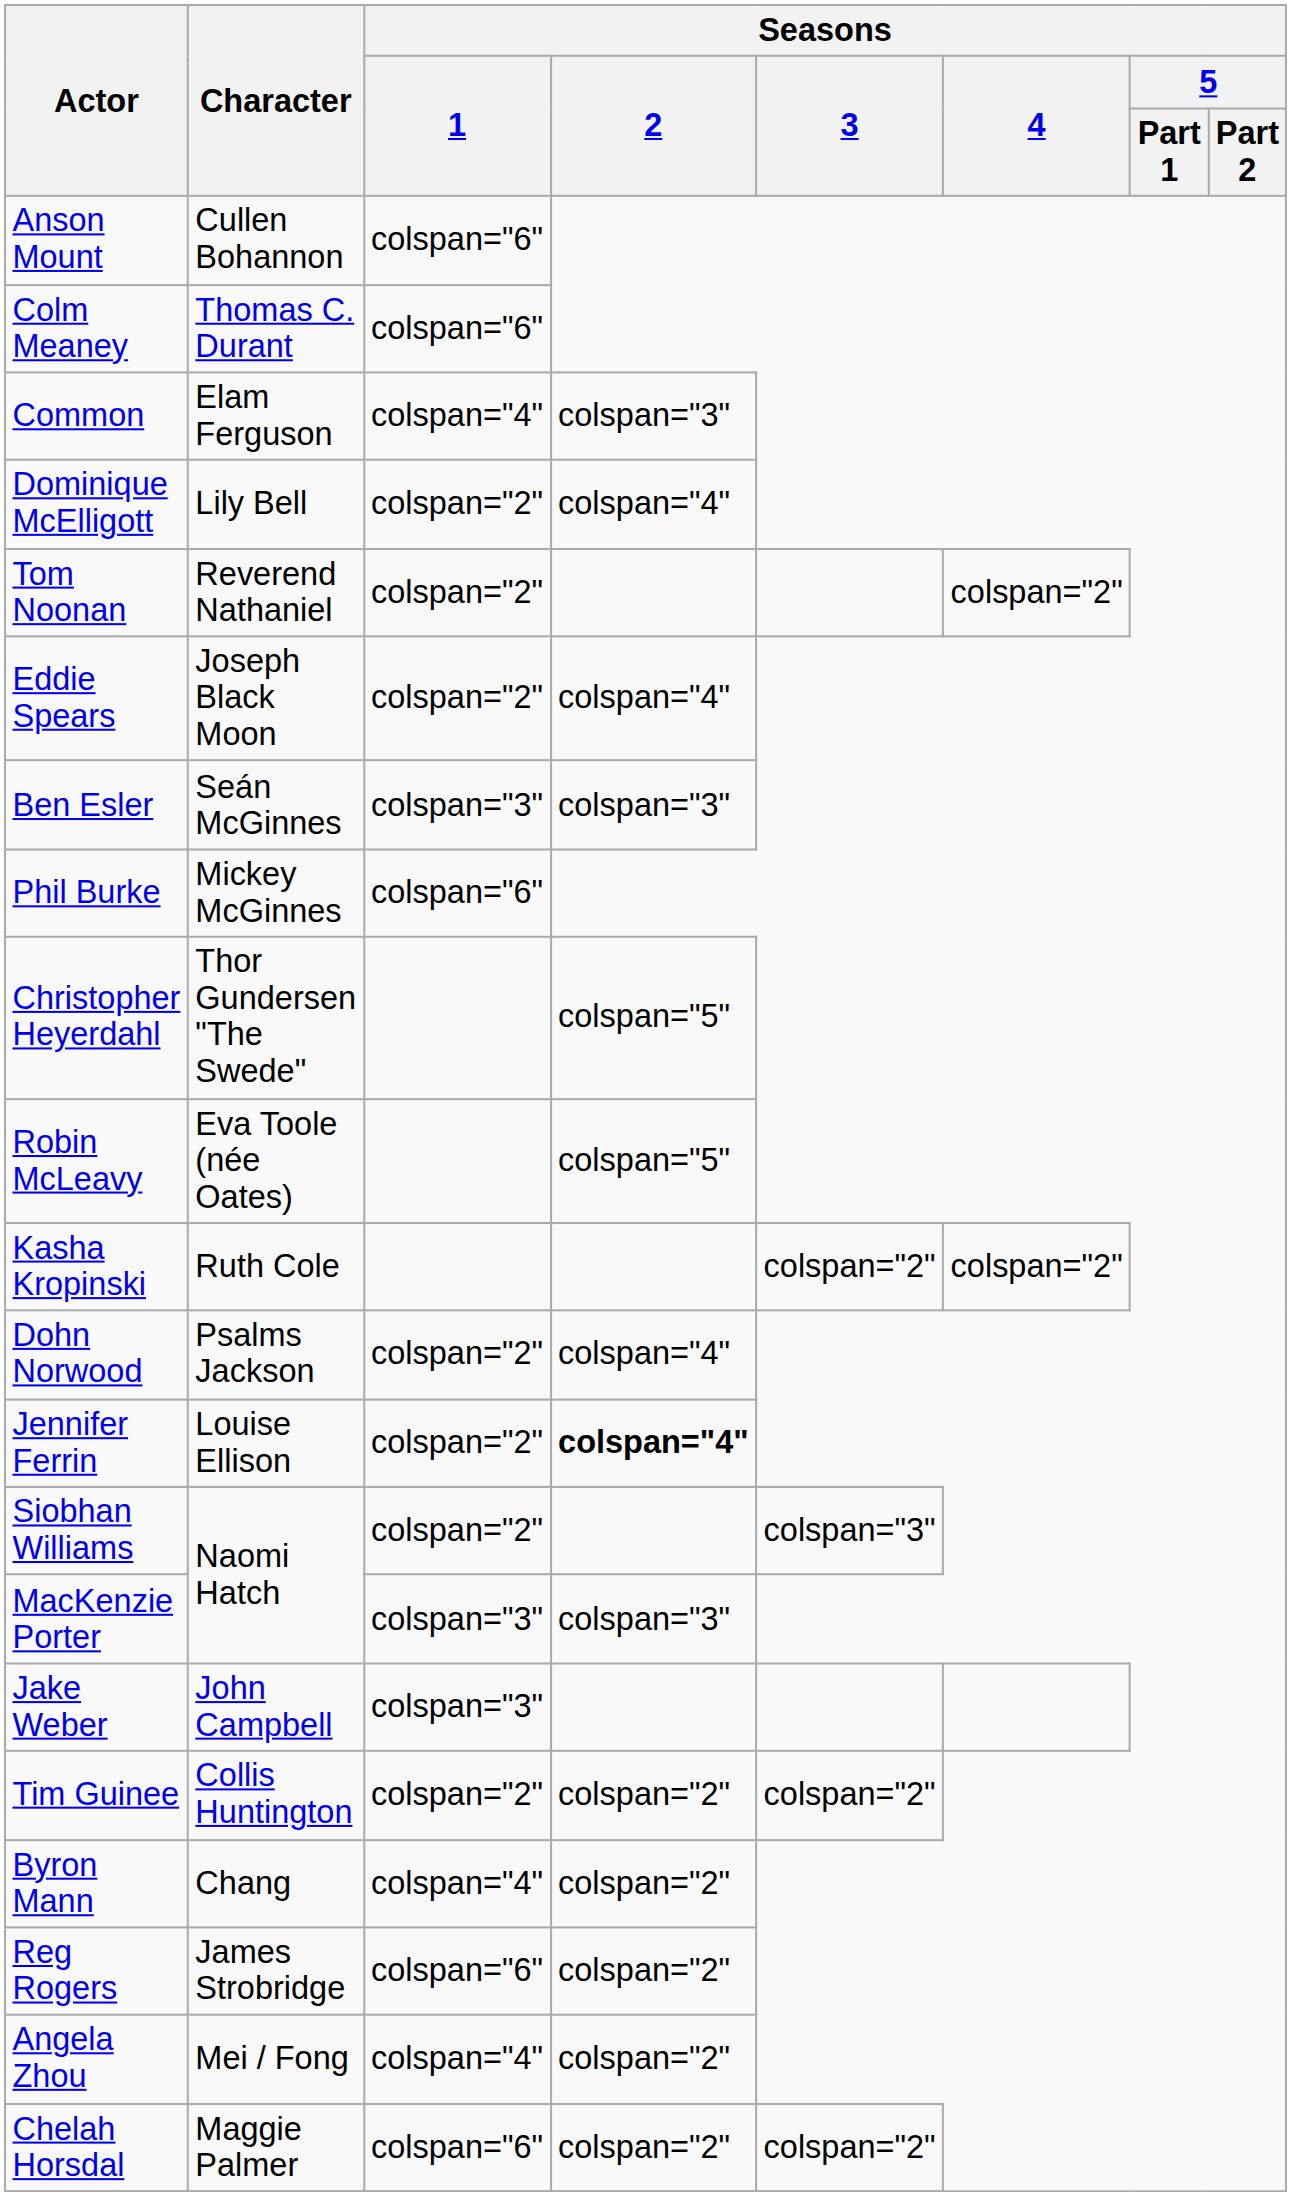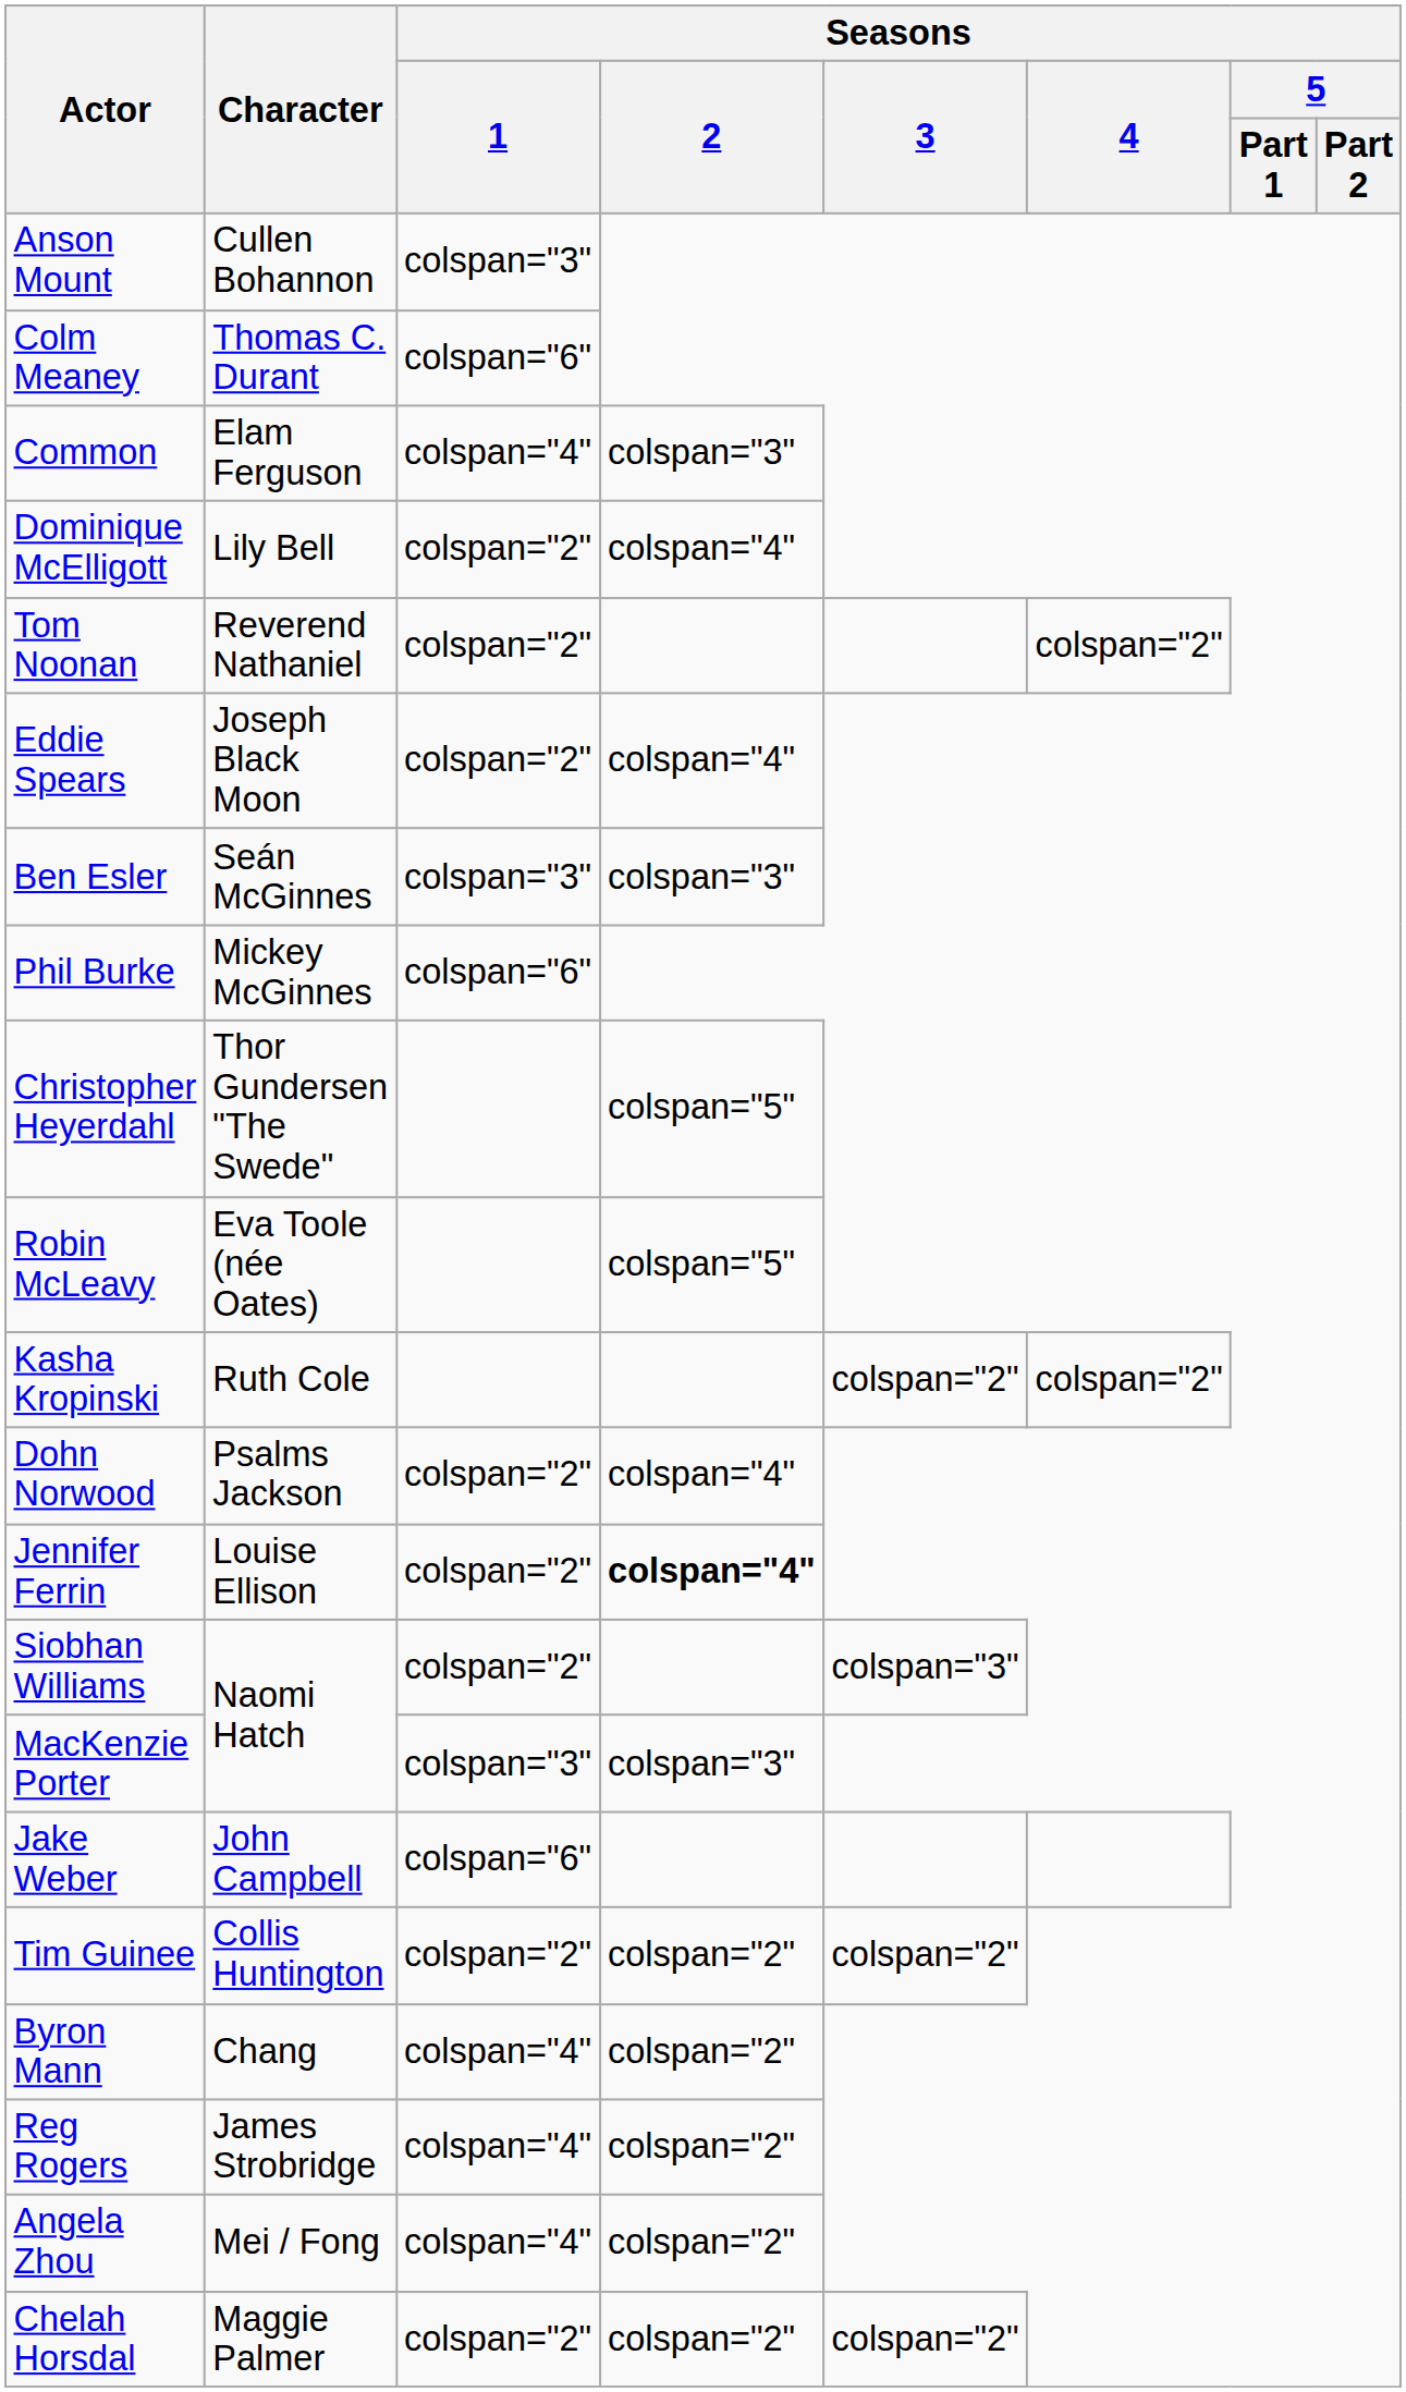 <table class="wikitable">
 <tr>
 <th rowspan="3">Actor</th>
 <th rowspan="3">Character</th>
 <th colspan="6">Seasons</th>
 </tr>
 <tr>
 <th rowspan="2" style="width:80px;"><a href='#'>1</a></th>
 <th rowspan="2" style="width:80px;"><a href='#'>2</a></th>
 <th rowspan="2" style="width:80px;"><a href='#'>3</a></th>
 <th rowspan="2" style="width:80px;"><a href='#'>4</a></th>
 <th colspan="2" style="width:160px;"><a href='#'>5</a></th>
 </tr>
 <tr>
 <th style="width:80px;">Part 1</th>
 <th style="width:80px;">Part 2</th>
 </tr>
 <tr>
 <td><a href='#'>Anson Mount</a></td>
 <td>Cullen Bohannon</td>
-<td>colspan="6" </td>
+<td>colspan="3" </td>
 </tr>
 <tr>
 <td><a href='#'>Colm Meaney</a></td>
 <td><a href='#'>Thomas C. Durant</a></td>
 <td>colspan="6" </td>
 </tr>
 <tr>
 <td><a href='#'>Common</a></td>
 <td>Elam Ferguson</td>
 <td>colspan="4" </td>
 <td>colspan="3" </td>
 </tr>
 <tr>
 <td><a href='#'>Dominique McElligott</a></td>
 <td>Lily Bell</td>
 <td>colspan="2" </td>
 <td>colspan="4" </td>
 </tr>
 <tr>
 <td><a href='#'>Tom Noonan</a></td>
 <td>Reverend Nathaniel</td>
 <td>colspan="2" </td>
 <td></td>
 <td></td>
 <td>colspan="2" </td>
 </tr>
 <tr>
 <td><a href='#'>Eddie Spears</a></td>
 <td>Joseph Black Moon</td>
 <td>colspan="2" </td>
 <td>colspan="4" </td>
 </tr>
 <tr>
 <td><a href='#'>Ben Esler</a></td>
 <td>Seán McGinnes</td>
 <td>colspan="3" </td>
 <td>colspan="3" </td>
 </tr>
 <tr>
 <td><a href='#'>Phil Burke</a></td>
 <td>Mickey McGinnes</td>
 <td>colspan="6" </td>
 </tr>
 <tr>
 <td><a href='#'>Christopher Heyerdahl</a></td>
 <td>Thor Gundersen "The Swede"</td>
 <td></td>
 <td>colspan="5" </td>
 </tr>
 <tr>
 <td><a href='#'>Robin McLeavy</a></td>
 <td>Eva Toole (née Oates)</td>
 <td></td>
 <td>colspan="5" </td>
 </tr>
 <tr>
 <td><a href='#'>Kasha Kropinski</a></td>
 <td>Ruth Cole</td>
 <td></td>
 <td></td>
 <td>colspan="2" </td>
 <td>colspan="2" </td>
 </tr>
 <tr>
 <td><a href='#'>Dohn Norwood</a></td>
 <td>Psalms Jackson</td>
 <td>colspan="2" </td>
 <td>colspan="4" </td>
 </tr>
 <tr>
 <td><a href='#'>Jennifer Ferrin</a></td>
 <td>Louise Ellison</td>
 <td>colspan="2" </td>
 <td><strong>colspan="4" </strong></td>
 </tr>
 <tr>
 <td><a href='#'>Siobhan Williams</a></td>
 <td rowspan="2">Naomi Hatch</td>
 <td>colspan="2" </td>
 <td></td>
 <td>colspan="3" </td>
 </tr>
 <tr>
 <td><a href='#'>MacKenzie Porter</a></td>
 <td>colspan="3" </td>
 <td>colspan="3" </td>
 </tr>
 <tr>
 <td><a href='#'>Jake Weber</a></td>
 <td><a href='#'>John Campbell</a></td>
-<td>colspan="3" </td>
+<td>colspan="6" </td>
 <td></td>
 <td></td>
 <td></td>
 </tr>
 <tr>
 <td><a href='#'>Tim Guinee</a></td>
 <td><a href='#'>Collis Huntington</a></td>
 <td>colspan="2" </td>
 <td>colspan="2" </td>
 <td>colspan="2" </td>
 </tr>
 <tr>
 <td><a href='#'>Byron Mann</a></td>
 <td>Chang</td>
 <td>colspan="4" </td>
 <td>colspan="2" </td>
 </tr>
 <tr>
 <td><a href='#'>Reg Rogers</a></td>
 <td>James Strobridge</td>
-<td>colspan="6" </td>
+<td>colspan="4" </td>
 <td>colspan="2" </td>
 </tr>
 <tr>
 <td><a href='#'>Angela Zhou</a></td>
 <td>Mei / Fong</td>
 <td>colspan="4" </td>
 <td>colspan="2" </td>
 </tr>
 <tr>
 <td><a href='#'>Chelah Horsdal</a></td>
 <td>Maggie Palmer</td>
-<td>colspan="6" </td>
+<td>colspan="2" </td>
 <td>colspan="2" </td>
 <td>colspan="2" </td>
 </tr>
 <tr>
 </tr>
 </table>
